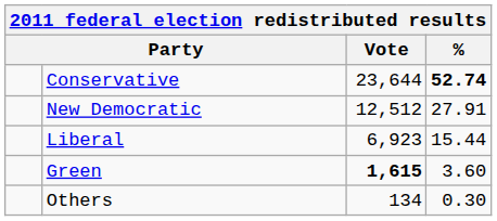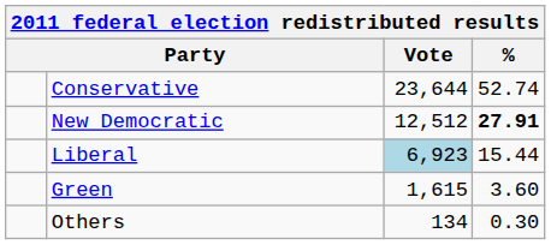 <table class="wikitable">
 <tr>
 <th colspan="4"><a href='#'>2011 federal election</a> redistributed results</th>
 </tr>
 <tr>
 <th bgcolor="#DDDDFF" width="130px" colspan="2">Party</th>
 <th bgcolor="#DDDDFF" width="50px">Vote</th>
 <th bgcolor="#DDDDFF" width="30px">%</th>
 </tr>
 <tr>
 <td> </td>
 <td><a href='#'>Conservative</a></td>
 <td align=right>23,644</td>
-<td align=right><strong>52.74</strong></td>
+<td align=right>52.74</td>
 </tr>
 <tr>
 <td> </td>
 <td><a href='#'>New Democratic</a></td>
 <td align=right>12,512</td>
-<td align=right>27.91</td>
+<td align=right><strong>27.91</strong></td>
 </tr>
 <tr>
 <td> </td>
 <td><a href='#'>Liberal</a></td>
-<td align=right>6,923</td>
+<td align=right style="background: lightblue;">6,923</td>
 <td align=right>15.44</td>
 </tr>
 <tr>
 <td> </td>
 <td><a href='#'>Green</a></td>
-<td align=right><strong>1,615</strong></td>
+<td align=right>1,615</td>
 <td align=right>3.60</td>
 </tr>
 <tr>
 <td> </td>
 <td>Others</td>
 <td align=right>134</td>
 <td align=right>0.30</td>
 </tr>
 </table>
